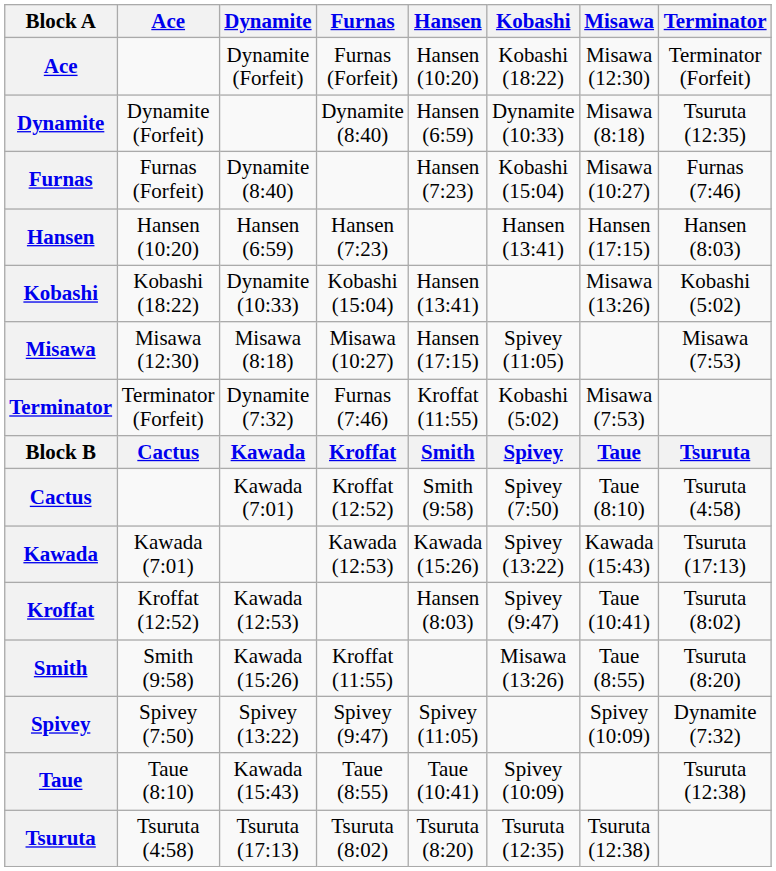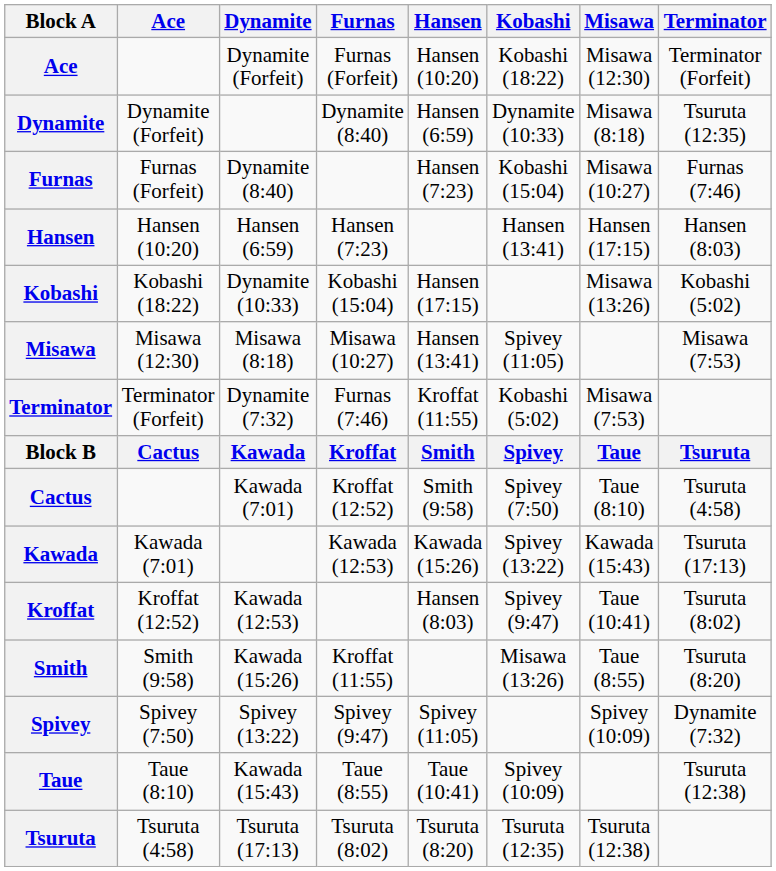 <table class="wikitable" style="margin: 1em auto 1em auto; text-align:center;">
 <tr>
 <th>Block A</th>
 <th><a href='#'>Ace</a></th>
 <th><a href='#'>Dynamite</a></th>
 <th><a href='#'>Furnas</a></th>
 <th><a href='#'>Hansen</a></th>
 <th><a href='#'>Kobashi</a></th>
 <th><a href='#'>Misawa</a></th>
 <th><a href='#'>Terminator</a></th>
 </tr>
 <tr>
 <th><a href='#'>Ace</a></th>
 <td></td>
 <td>Dynamite<br>(Forfeit)</td>
 <td>Furnas<br>(Forfeit)</td>
 <td>Hansen<br>(10:20)</td>
 <td>Kobashi<br>(18:22)</td>
 <td>Misawa<br>(12:30)</td>
 <td>Terminator<br>(Forfeit)</td>
 </tr>
 <tr>
 <th><a href='#'>Dynamite</a></th>
 <td>Dynamite<br>(Forfeit)</td>
 <td></td>
 <td>Dynamite<br>(8:40)</td>
 <td>Hansen<br>(6:59)</td>
 <td>Dynamite<br>(10:33)</td>
 <td>Misawa<br>(8:18)</td>
 <td>Tsuruta<br>(12:35)</td>
 </tr>
 <tr>
 <th><a href='#'>Furnas</a></th>
 <td>Furnas<br>(Forfeit)</td>
 <td>Dynamite<br>(8:40)</td>
 <td></td>
 <td>Hansen<br>(7:23)</td>
 <td>Kobashi<br>(15:04)</td>
 <td>Misawa<br>(10:27)</td>
 <td>Furnas<br>(7:46)</td>
 </tr>
 <tr>
 <th><a href='#'>Hansen</a></th>
 <td>Hansen<br>(10:20)</td>
 <td>Hansen<br>(6:59)</td>
 <td>Hansen<br>(7:23)</td>
 <td></td>
 <td>Hansen<br>(13:41)</td>
 <td>Hansen<br>(17:15)</td>
 <td>Hansen<br>(8:03)</td>
 </tr>
 <tr>
 <th><a href='#'>Kobashi</a></th>
 <td>Kobashi<br>(18:22)</td>
 <td>Dynamite<br>(10:33)</td>
 <td>Kobashi<br>(15:04)</td>
-<td>Hansen<br>(13:41)</td>
+<td>Hansen<br>(17:15)</td>
 <td></td>
 <td>Misawa<br>(13:26)</td>
 <td>Kobashi<br>(5:02)</td>
 </tr>
 <tr>
 <th><a href='#'>Misawa</a></th>
 <td>Misawa<br>(12:30)</td>
 <td>Misawa<br>(8:18)</td>
 <td>Misawa<br>(10:27)</td>
-<td>Hansen<br>(17:15)</td>
+<td>Hansen<br>(13:41)</td>
 <td>Spivey<br>(11:05)</td>
 <td></td>
 <td>Misawa<br>(7:53)</td>
 </tr>
 <tr>
 <th><a href='#'>Terminator</a></th>
 <td>Terminator<br>(Forfeit)</td>
 <td>Dynamite<br>(7:32)</td>
 <td>Furnas<br>(7:46)</td>
 <td>Kroffat<br>(11:55)</td>
 <td>Kobashi<br>(5:02)</td>
 <td>Misawa<br>(7:53)</td>
 <td></td>
 </tr>
 <tr>
 <th>Block B</th>
 <th><a href='#'>Cactus</a></th>
 <th><a href='#'>Kawada</a></th>
 <th><a href='#'>Kroffat</a></th>
 <th><a href='#'>Smith</a></th>
 <th><a href='#'>Spivey</a></th>
 <th><a href='#'>Taue</a></th>
 <th><a href='#'>Tsuruta</a></th>
 </tr>
 <tr>
 <th><a href='#'>Cactus</a></th>
 <td></td>
 <td>Kawada<br>(7:01)</td>
 <td>Kroffat<br>(12:52)</td>
 <td>Smith<br>(9:58)</td>
 <td>Spivey<br>(7:50)</td>
 <td>Taue<br>(8:10)</td>
 <td>Tsuruta<br>(4:58)</td>
 </tr>
 <tr>
 <th><a href='#'>Kawada</a></th>
 <td>Kawada<br>(7:01)</td>
 <td></td>
 <td>Kawada<br>(12:53)</td>
 <td>Kawada<br>(15:26)</td>
 <td>Spivey<br>(13:22)</td>
 <td>Kawada<br>(15:43)</td>
 <td>Tsuruta<br>(17:13)</td>
 </tr>
 <tr>
 <th><a href='#'>Kroffat</a></th>
 <td>Kroffat<br>(12:52)</td>
 <td>Kawada<br>(12:53)</td>
 <td></td>
 <td>Hansen<br>(8:03)</td>
 <td>Spivey<br>(9:47)</td>
 <td>Taue<br>(10:41)</td>
 <td>Tsuruta<br>(8:02)</td>
 </tr>
 <tr>
 <th><a href='#'>Smith</a></th>
 <td>Smith<br>(9:58)</td>
 <td>Kawada<br>(15:26)</td>
 <td>Kroffat<br>(11:55)</td>
 <td></td>
 <td>Misawa<br>(13:26)</td>
 <td>Taue<br>(8:55)</td>
 <td>Tsuruta<br>(8:20)</td>
 </tr>
 <tr>
 <th><a href='#'>Spivey</a></th>
 <td>Spivey<br>(7:50)</td>
 <td>Spivey<br>(13:22)</td>
 <td>Spivey<br>(9:47)</td>
 <td>Spivey<br>(11:05)</td>
 <td></td>
 <td>Spivey<br>(10:09)</td>
 <td>Dynamite<br>(7:32)</td>
 </tr>
 <tr>
 <th><a href='#'>Taue</a></th>
 <td>Taue<br>(8:10)</td>
 <td>Kawada<br>(15:43)</td>
 <td>Taue<br>(8:55)</td>
 <td>Taue<br>(10:41)</td>
 <td>Spivey<br>(10:09)</td>
 <td></td>
 <td>Tsuruta<br>(12:38)</td>
 </tr>
 <tr>
 <th><a href='#'>Tsuruta</a></th>
 <td>Tsuruta<br>(4:58)</td>
 <td>Tsuruta<br>(17:13)</td>
 <td>Tsuruta<br>(8:02)</td>
 <td>Tsuruta<br>(8:20)</td>
 <td>Tsuruta<br>(12:35)</td>
 <td>Tsuruta<br>(12:38)</td>
 <td></td>
 </tr>
 </table>
